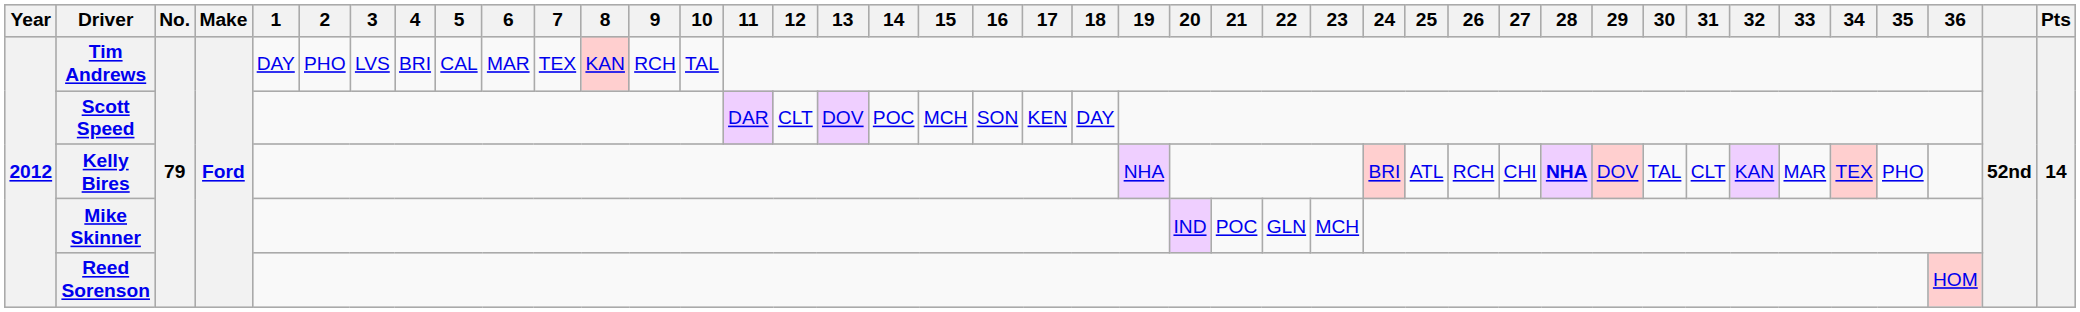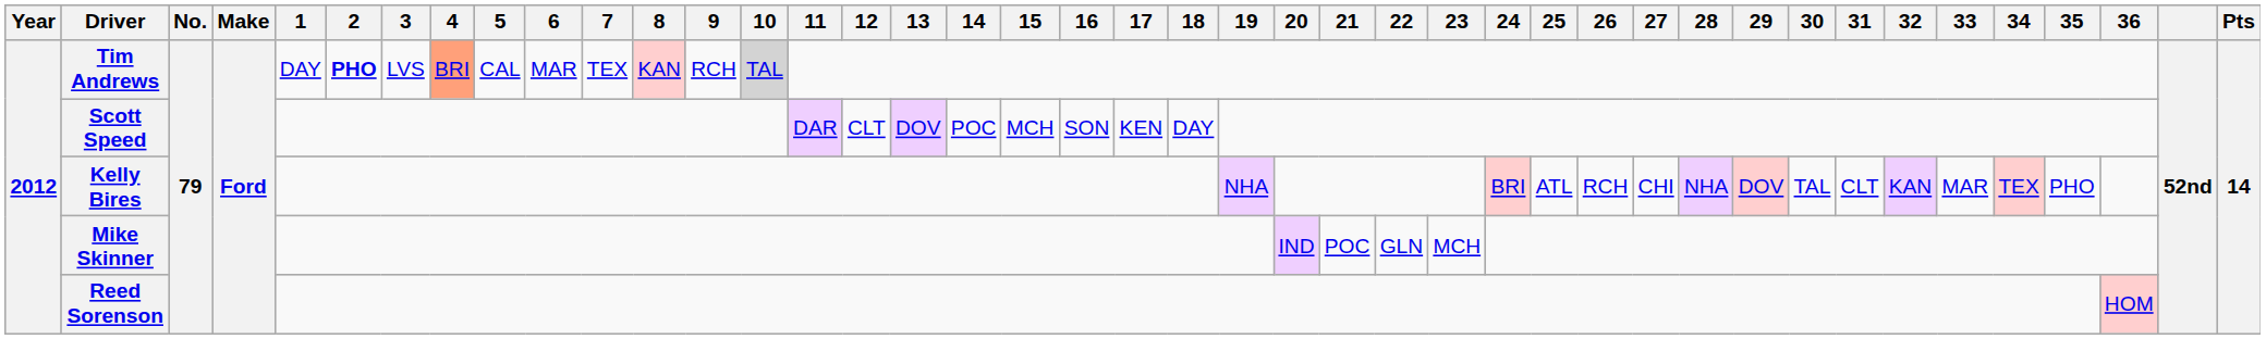 <table class="wikitable" style="text-align:center; font-size:75%">
 <tr>
 <th>Year</th>
 <th>Driver</th>
 <th>No.</th>
 <th>Make</th>
 <th>1</th>
 <th>2</th>
 <th>3</th>
 <th>4</th>
 <th>5</th>
 <th>6</th>
 <th>7</th>
 <th>8</th>
 <th>9</th>
 <th>10</th>
 <th>11</th>
 <th>12</th>
 <th>13</th>
 <th>14</th>
 <th>15</th>
 <th>16</th>
 <th>17</th>
 <th>18</th>
 <th>19</th>
 <th>20</th>
 <th>21</th>
 <th>22</th>
 <th>23</th>
 <th>24</th>
 <th>25</th>
 <th>26</th>
 <th>27</th>
 <th>28</th>
 <th>29</th>
 <th>30</th>
 <th>31</th>
 <th>32</th>
 <th>33</th>
 <th>34</th>
 <th>35</th>
 <th>36</th>
 <th></th>
 <th>Pts</th>
 </tr>
 <tr>
 <th rowspan=5><a href='#'>2012</a></th>
 <th><a href='#'>Tim Andrews</a></th>
 <th rowspan=5>79</th>
 <th rowspan=5><a href='#'>Ford</a></th>
 <td><a href='#'>DAY</a></td>
-<td><a href='#'>PHO</a></td>
+<td><strong><a href='#'>PHO</a></strong></td>
 <td><a href='#'>LVS</a></td>
-<td><a href='#'>BRI</a></td>
+<td style="background: lightsalmon;"><a href='#'>BRI</a></td>
 <td><a href='#'>CAL</a></td>
 <td><a href='#'>MAR</a></td>
 <td><a href='#'>TEX</a></td>
 <td style="background:#FFCFCF;"><a href='#'>KAN</a><br></td>
 <td><a href='#'>RCH</a></td>
-<td><a href='#'>TAL</a></td>
+<td style="background: lightgrey;"><a href='#'>TAL</a></td>
 <td colspan=26></td>
 <th rowspan=5>52nd</th>
 <th rowspan=5>14</th>
 </tr>
 <tr>
 <th><a href='#'>Scott Speed</a></th>
 <td colspan=10></td>
 <td style="background:#EFCFFF;"><a href='#'>DAR</a><br></td>
 <td><a href='#'>CLT</a></td>
 <td style="background:#EFCFFF;"><a href='#'>DOV</a><br></td>
 <td><a href='#'>POC</a></td>
 <td><a href='#'>MCH</a></td>
 <td><a href='#'>SON</a></td>
 <td><a href='#'>KEN</a></td>
 <td><a href='#'>DAY</a></td>
 <td colspan=18></td>
 </tr>
 <tr>
 <th><a href='#'>Kelly Bires</a></th>
 <td colspan=18></td>
 <td style="background:#EFCFFF;"><a href='#'>NHA</a><br></td>
 <td colspan=4></td>
 <td style="background:#FFCFCF;"><a href='#'>BRI</a><br></td>
 <td><a href='#'>ATL</a></td>
 <td><a href='#'>RCH</a></td>
 <td><a href='#'>CHI</a></td>
-<td style="background:#EFCFFF;"><strong><a href='#'>NHA</a><br></strong></td>
+<td style="background:#EFCFFF;"><a href='#'>NHA</a><br></td>
 <td style="background:#FFCFCF;"><a href='#'>DOV</a><br></td>
 <td><a href='#'>TAL</a></td>
 <td><a href='#'>CLT</a></td>
 <td style="background:#EFCFFF;"><a href='#'>KAN</a><br></td>
 <td><a href='#'>MAR</a></td>
 <td style="background:#FFCFCF;"><a href='#'>TEX</a><br></td>
 <td><a href='#'>PHO</a></td>
 <td></td>
 </tr>
 <tr>
 <th><a href='#'>Mike Skinner</a></th>
 <td colspan=19></td>
 <td style="background:#EFCFFF;"><a href='#'>IND</a><br></td>
 <td><a href='#'>POC</a></td>
 <td><a href='#'>GLN</a></td>
 <td><a href='#'>MCH</a></td>
 <td colspan=13></td>
 </tr>
 <tr>
 <th><a href='#'>Reed Sorenson</a></th>
 <td colspan=35></td>
 <td style="background:#FFCFCF;"><a href='#'>HOM</a><br></td>
 </tr>
 </table>
